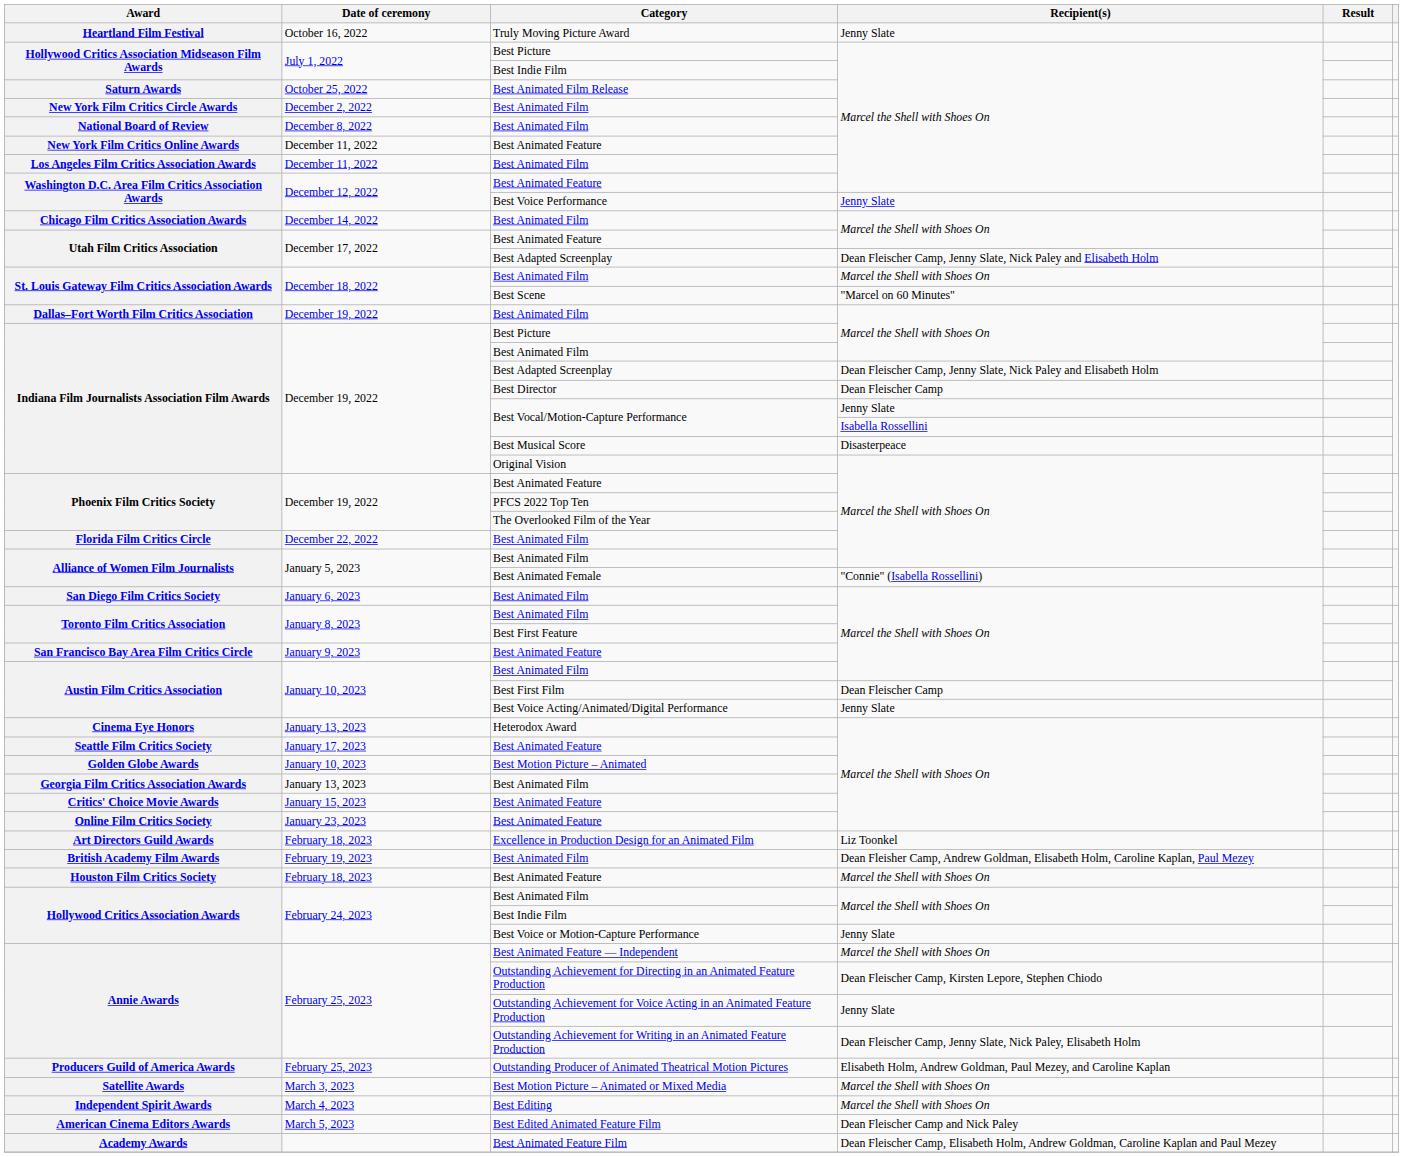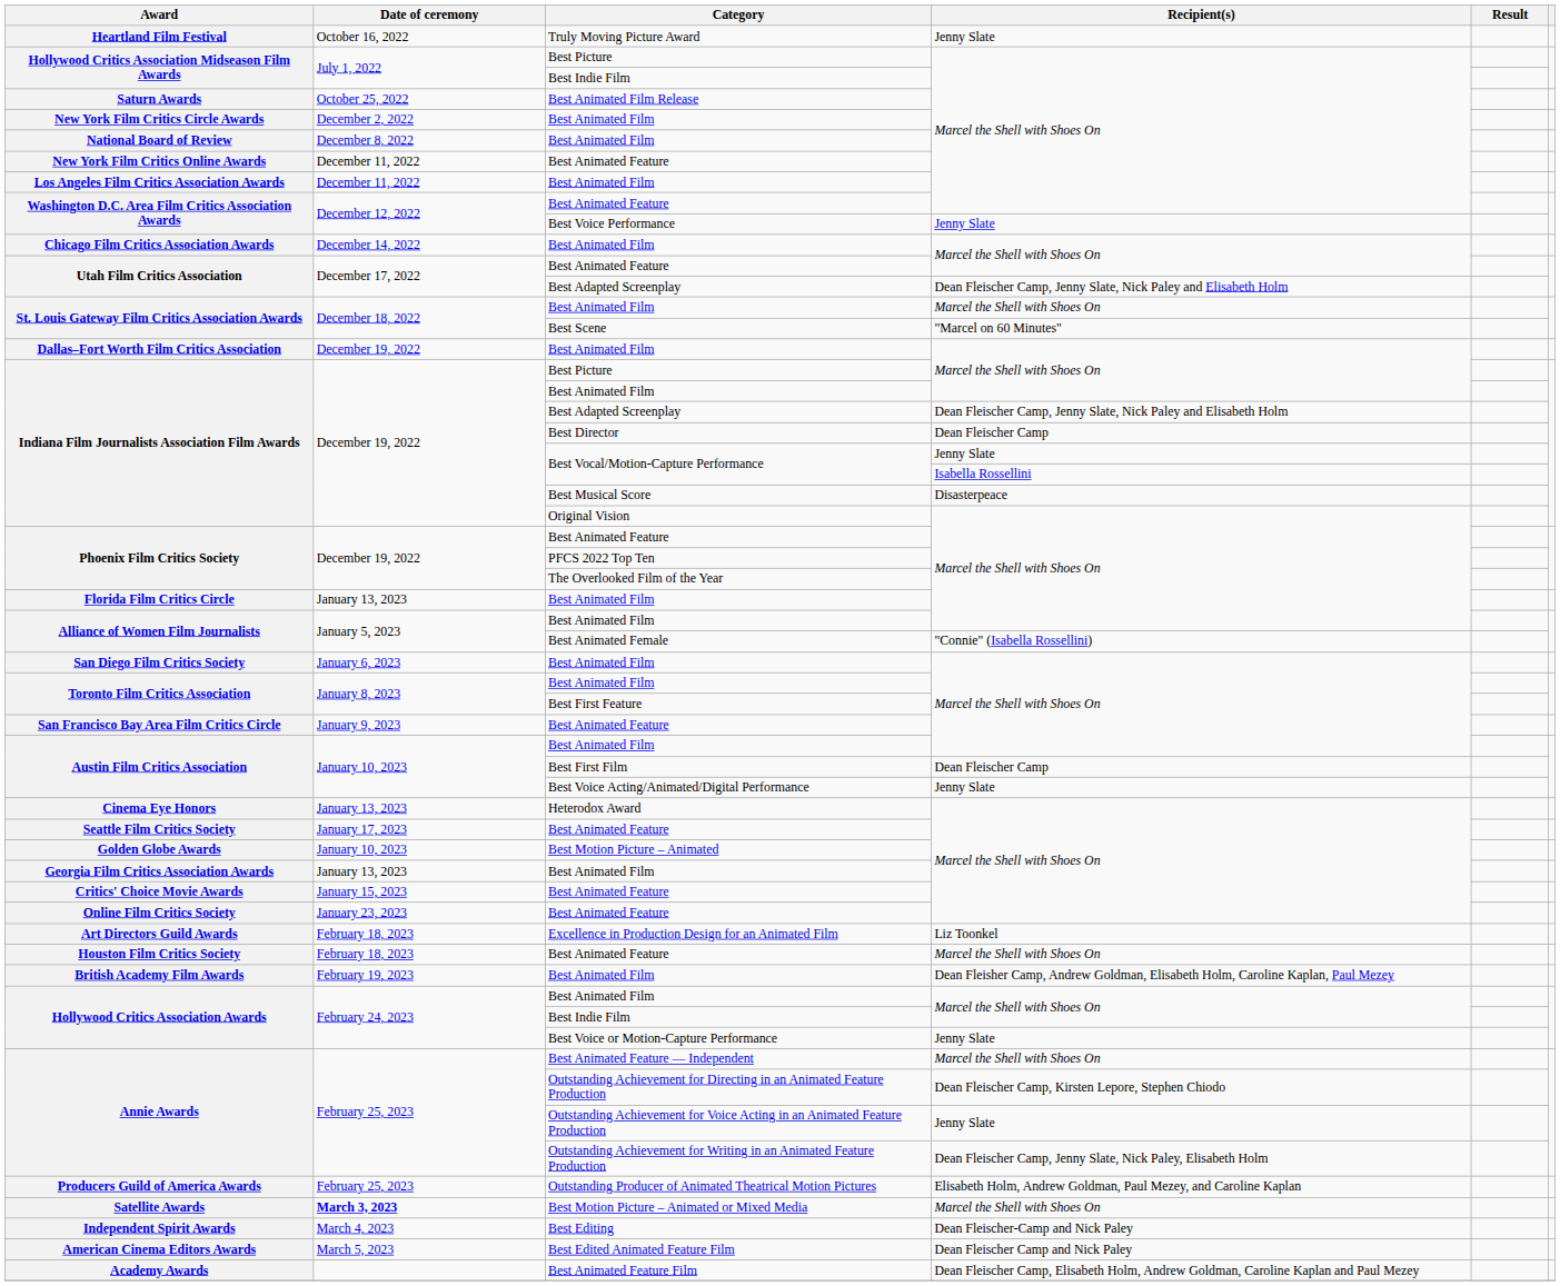 <table class="wikitable sortable plainrowheaders" style="width: 95%;">
 <tr>
 <th scope="col" style="width:20%;">Award</th>
 <th scope="col" style="width:15%;">Date of ceremony</th>
 <th scope="col" style="width:25%;">Category</th>
 <th scope="col" style="width:35%;">Recipient(s)</th>
 <th scope="col" style="width:5%;">Result</th>
 <th scope="col" style="width:5%;" class="unsortable"></th>
 </tr>
 <tr>
 <th scope="row"><a href='#'>Heartland Film Festival</a></th>
 <td>October 16, 2022</td>
 <td>Truly Moving Picture Award</td>
 <td>Jenny Slate</td>
 <td></td>
 <td></td>
 </tr>
 <tr>
 <th scope="row" rowspan="2"><a href='#'>Hollywood Critics Association Midseason Film Awards</a></th>
 <td rowspan="2"><a href='#'>July 1, 2022</a></td>
 <td>Best Picture</td>
 <td rowspan="8"><em>Marcel the Shell with Shoes On</em></td>
 <td></td>
 <td rowspan="2"></td>
 </tr>
 <tr>
 <td>Best Indie Film</td>
 <td></td>
 </tr>
 <tr>
 <th scope="row"><a href='#'>Saturn Awards</a></th>
 <td><a href='#'>October 25, 2022</a></td>
 <td><a href='#'>Best Animated Film Release</a></td>
 <td></td>
 <td><br></td>
 </tr>
 <tr>
 <th scope="row"><a href='#'>New York Film Critics Circle Awards</a></th>
 <td><a href='#'>December 2, 2022</a></td>
 <td><a href='#'>Best Animated Film</a></td>
 <td></td>
 <td></td>
 </tr>
 <tr>
 <th scope="row"><a href='#'>National Board of Review</a></th>
 <td><a href='#'>December 8, 2022</a></td>
 <td><a href='#'>Best Animated Film</a></td>
 <td></td>
 <td></td>
 </tr>
 <tr>
 <th scope="row"><a href='#'>New York Film Critics Online Awards</a></th>
 <td>December 11, 2022</td>
 <td>Best Animated Feature</td>
 <td></td>
 <td></td>
 </tr>
 <tr>
 <th scope="row"><a href='#'>Los Angeles Film Critics Association Awards</a></th>
 <td><a href='#'>December 11, 2022</a></td>
 <td><a href='#'>Best Animated Film</a></td>
 <td></td>
 <td></td>
 </tr>
 <tr>
 <th rowspan="2" scope="row"><a href='#'>Washington D.C. Area Film Critics Association Awards</a></th>
 <td rowspan="2"><a href='#'>December 12, 2022</a></td>
 <td><a href='#'>Best Animated Feature</a></td>
 <td></td>
 <td rowspan="2"></td>
 </tr>
 <tr>
 <td>Best Voice Performance</td>
 <td><a href='#'>Jenny Slate</a></td>
 <td></td>
 </tr>
 <tr>
 <th scope="row"><a href='#'>Chicago Film Critics Association Awards</a></th>
 <td><a href='#'>December 14, 2022</a></td>
 <td><a href='#'>Best Animated Film</a></td>
 <td rowspan="2"><em>Marcel the Shell with Shoes On</em></td>
 <td></td>
 <td></td>
 </tr>
 <tr>
 <th rowspan="2" scope="row">Utah Film Critics Association</th>
 <td rowspan="2">December 17, 2022</td>
 <td>Best Animated Feature</td>
 <td></td>
 <td rowspan="2"></td>
 </tr>
 <tr>
 <td>Best Adapted Screenplay</td>
 <td>Dean Fleischer Camp, Jenny Slate, Nick Paley and <a href='#'>Elisabeth Holm</a></td>
 <td></td>
 </tr>
 <tr>
 <th rowspan="2" scope="row"><a href='#'>St. Louis Gateway Film Critics Association Awards</a></th>
 <td rowspan="2"><a href='#'>December 18, 2022</a></td>
 <td><a href='#'>Best Animated Film</a></td>
 <td><em>Marcel the Shell with Shoes On</em></td>
 <td></td>
 <td rowspan="2"></td>
 </tr>
 <tr>
 <td>Best Scene</td>
 <td>"Marcel on 60 Minutes"</td>
 <td></td>
 </tr>
 <tr>
 <th scope="row"><a href='#'>Dallas–Fort Worth Film Critics Association</a></th>
 <td><a href='#'>December 19, 2022</a></td>
 <td><a href='#'>Best Animated Film</a></td>
 <td rowspan="3"><em>Marcel the Shell with Shoes On</em></td>
 <td></td>
 <td></td>
 </tr>
 <tr>
 <th scope="row" rowspan="8">Indiana Film Journalists Association Film Awards</th>
 <td rowspan="8">December 19, 2022</td>
 <td>Best Picture</td>
 <td></td>
 <td rowspan="8"></td>
 </tr>
 <tr>
 <td>Best Animated Film</td>
 <td></td>
 </tr>
 <tr>
 <td>Best Adapted Screenplay</td>
 <td>Dean Fleischer Camp, Jenny Slate, Nick Paley and Elisabeth Holm</td>
 <td></td>
 </tr>
 <tr>
 <td>Best Director</td>
 <td>Dean Fleischer Camp</td>
 <td></td>
 </tr>
 <tr>
 <td rowspan="2">Best Vocal/Motion-Capture Performance</td>
 <td>Jenny Slate</td>
 <td></td>
 </tr>
 <tr>
 <td><a href='#'>Isabella Rossellini</a></td>
 <td></td>
 </tr>
 <tr>
 <td>Best Musical Score</td>
 <td>Disasterpeace</td>
 <td></td>
 </tr>
 <tr>
 <td>Original Vision</td>
 <td rowspan="6"><em>Marcel the Shell with Shoes On</em></td>
 <td></td>
 </tr>
 <tr>
 <th rowspan="3" scope="row">Phoenix Film Critics Society</th>
 <td rowspan="3">December 19, 2022</td>
 <td>Best Animated Feature</td>
 <td></td>
 <td rowspan="3"></td>
 </tr>
 <tr>
 <td>PFCS 2022 Top Ten</td>
 <td></td>
 </tr>
 <tr>
 <td>The Overlooked Film of the Year</td>
 <td></td>
 </tr>
 <tr>
 <th scope="row"><a href='#'>Florida Film Critics Circle</a></th>
-<td rowspan="1"><a href='#'>December 22, 2022</a></td>
+<td>January 13, 2023</td>
 <td><a href='#'>Best Animated Film</a></td>
 <td></td>
 <td><br></td>
 </tr>
 <tr>
 <th rowspan="2" scope="row"><a href='#'>Alliance of Women Film Journalists</a></th>
 <td rowspan="2">January 5, 2023</td>
 <td>Best Animated Film</td>
 <td></td>
 <td rowspan="2"></td>
 </tr>
 <tr>
 <td>Best Animated Female</td>
 <td>"Connie" (<a href='#'>Isabella Rossellini</a>)</td>
 <td></td>
 </tr>
 <tr>
 <th scope="row"><a href='#'>San Diego Film Critics Society</a></th>
 <td><a href='#'>January 6, 2023</a></td>
 <td><a href='#'>Best Animated Film</a></td>
 <td rowspan="5"><em>Marcel the Shell with Shoes On</em></td>
 <td></td>
 <td style="text-align:center;"></td>
 </tr>
 <tr>
 <th rowspan="2" scope="row"><a href='#'>Toronto Film Critics Association</a></th>
 <td rowspan="2"><a href='#'>January 8, 2023</a></td>
 <td><a href='#'>Best Animated Film</a></td>
 <td></td>
 <td align="center" rowspan="2"></td>
 </tr>
 <tr>
 <td>Best First Feature</td>
 <td></td>
 </tr>
 <tr>
 <th scope="row"><a href='#'>San Francisco Bay Area Film Critics Circle</a></th>
 <td><a href='#'>January 9, 2023</a></td>
 <td><a href='#'>Best Animated Feature</a></td>
 <td></td>
 <td style="text-align:center;"></td>
 </tr>
 <tr>
 <th scope="row" rowspan="3"><a href='#'>Austin Film Critics Association</a></th>
 <td rowspan="3"><a href='#'>January 10, 2023</a></td>
 <td><a href='#'>Best Animated Film</a></td>
 <td></td>
 <td rowspan="3" style="text-align:center"><br></td>
 </tr>
 <tr>
 <td>Best First Film</td>
 <td>Dean Fleischer Camp</td>
 <td></td>
 </tr>
 <tr>
 <td>Best Voice Acting/Animated/Digital Performance</td>
 <td>Jenny Slate</td>
 <td></td>
 </tr>
 <tr>
 <th scope="row"><a href='#'>Cinema Eye Honors</a></th>
 <td><a href='#'>January 13, 2023</a></td>
 <td>Heterodox Award</td>
 <td rowspan="6"><em>Marcel the Shell with Shoes On</em></td>
 <td></td>
 <td></td>
 </tr>
 <tr>
 <th scope="row"><a href='#'>Seattle Film Critics Society</a></th>
 <td><a href='#'>January 17, 2023</a></td>
 <td><a href='#'>Best Animated Feature</a></td>
 <td></td>
 <td><br></td>
 </tr>
 <tr>
 <th scope="row"><a href='#'>Golden Globe Awards</a></th>
 <td><a href='#'>January 10, 2023</a></td>
 <td><a href='#'>Best Motion Picture – Animated</a></td>
 <td></td>
 <td></td>
 </tr>
 <tr>
 <th scope="row"><a href='#'>Georgia Film Critics Association Awards</a></th>
 <td>January 13, 2023</td>
 <td>Best Animated Film</td>
 <td></td>
 <td><br></td>
 </tr>
 <tr>
 <th scope="row"><a href='#'>Critics' Choice Movie Awards</a></th>
 <td><a href='#'>January 15, 2023</a></td>
 <td><a href='#'>Best Animated Feature</a></td>
 <td></td>
 <td></td>
 </tr>
 <tr>
 <th scope="row"><a href='#'>Online Film Critics Society</a></th>
 <td><a href='#'>January 23, 2023</a></td>
 <td><a href='#'>Best Animated Feature</a></td>
 <td></td>
 <td align="center"></td>
 </tr>
 <tr>
 <th scope="row"><a href='#'>Art Directors Guild Awards</a></th>
 <td><a href='#'>February 18, 2023</a></td>
 <td><a href='#'>Excellence in Production Design for an Animated Film</a></td>
 <td>Liz Toonkel</td>
 <td></td>
 <td></td>
 </tr>
 <tr>
+<th scope="row"><a href='#'>Houston Film Critics Society</a></th>
+<td><a href='#'>February 18, 2023</a></td>
+<td>Best Animated Feature</td>
+<td><em>Marcel the Shell with Shoes On</em></td>
+<td></td>
+<td style="text-align:center;"><br></td>
+</tr>
+<tr>
 <th scope="row"><a href='#'>British Academy Film Awards</a></th>
 <td><a href='#'>February 19, 2023</a></td>
 <td><a href='#'>Best Animated Film</a></td>
 <td>Dean Fleisher Camp, Andrew Goldman, Elisabeth Holm, Caroline Kaplan, <a href='#'>Paul Mezey</a></td>
 <td></td>
 <td align="center"></td>
-</tr>
-<tr>
-<th scope="row"><a href='#'>Houston Film Critics Society</a></th>
-<td><a href='#'>February 18, 2023</a></td>
-<td>Best Animated Feature</td>
-<td><em>Marcel the Shell with Shoes On</em></td>
-<td></td>
-<td style="text-align:center;"><br></td>
 </tr>
 <tr>
 <th scope="row" rowspan="3"><a href='#'>Hollywood Critics Association Awards</a></th>
 <td rowspan="3"><a href='#'>February 24, 2023</a></td>
 <td>Best Animated Film</td>
 <td rowspan="2"><em>Marcel the Shell with Shoes On</em></td>
 <td></td>
 <td rowspan="3"><br></td>
 </tr>
 <tr>
 <td>Best Indie Film</td>
 <td></td>
 </tr>
 <tr>
 <td>Best Voice or Motion-Capture Performance</td>
 <td>Jenny Slate</td>
 <td></td>
 </tr>
 <tr>
 <th rowspan="4" scope="row"><a href='#'>Annie Awards</a></th>
 <td rowspan="4"><a href='#'>February 25, 2023</a></td>
 <td><a href='#'>Best Animated Feature — Independent</a></td>
 <td><em>Marcel the Shell with Shoes On</em></td>
 <td></td>
 <td rowspan="4" align="center"><br></td>
 </tr>
 <tr>
 <td><a href='#'>Outstanding Achievement for Directing in an Animated Feature Production</a></td>
 <td>Dean Fleischer Camp, Kirsten Lepore, Stephen Chiodo</td>
 <td></td>
 </tr>
 <tr>
 <td><a href='#'>Outstanding Achievement for Voice Acting in an Animated Feature Production</a></td>
 <td>Jenny Slate</td>
 <td></td>
 </tr>
 <tr>
 <td><a href='#'>Outstanding Achievement for Writing in an Animated Feature Production</a></td>
 <td>Dean Fleischer Camp, Jenny Slate, Nick Paley, Elisabeth Holm</td>
 <td></td>
 </tr>
 <tr>
 <th scope="row"><a href='#'>Producers Guild of America Awards</a></th>
 <td><a href='#'>February 25, 2023</a></td>
 <td><a href='#'>Outstanding Producer of Animated Theatrical Motion Pictures</a></td>
 <td>Elisabeth Holm, Andrew Goldman, Paul Mezey, and Caroline Kaplan</td>
 <td></td>
 <td style="text-align:center;"><br></td>
 </tr>
 <tr>
 <th scope="row"><a href='#'>Satellite Awards</a></th>
-<td><a href='#'>March 3, 2023</a></td>
+<td><strong><a href='#'>March 3, 2023</a></strong></td>
 <td><a href='#'>Best Motion Picture – Animated or Mixed Media</a></td>
 <td><em>Marcel the Shell with Shoes On</em></td>
 <td></td>
 <td></td>
 </tr>
 <tr>
 <th scope="row"><a href='#'>Independent Spirit Awards</a></th>
 <td><a href='#'>March 4, 2023</a></td>
 <td><a href='#'>Best Editing</a></td>
-<td><em>Marcel the Shell with Shoes On</em></td>
+<td>Dean Fleischer-Camp and Nick Paley</td>
 <td></td>
 <td></td>
 </tr>
 <tr>
 <th scope="row"><a href='#'>American Cinema Editors Awards</a></th>
 <td><a href='#'>March 5, 2023</a></td>
 <td><a href='#'>Best Edited Animated Feature Film</a></td>
 <td>Dean Fleischer Camp and Nick Paley</td>
 <td></td>
 <td align="center"></td>
 </tr>
 <tr>
 <th scope="rowgroup"><a href='#'>Academy Awards</a></th>
 <td><a href='#'></a></td>
 <td><a href='#'>Best Animated Feature Film</a></td>
 <td>Dean Fleischer Camp, Elisabeth Holm, Andrew Goldman, Caroline Kaplan and Paul Mezey</td>
 <td></td>
 <td></td>
 </tr>
 <tr>
 </tr>
 </table>
